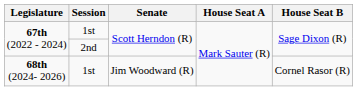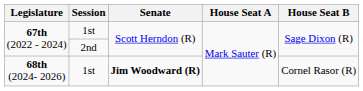 <table class=wikitable style="text-align:center">
 <tr>
 <th>Legislature</th>
 <th>Session</th>
 <th>Senate</th>
 <th>House Seat A</th>
 <th>House Seat B</th>
 </tr>
 <tr>
 <td rowspan="2"><strong>67th</strong> <br> (2022 - 2024)</td>
 <td>1st</td>
 <td rowspan="2" ><a href='#'>Scott Herndon</a> (R)</td>
 <td rowspan="3" ><a href='#'>Mark Sauter</a> (R)</td>
 <td rowspan="2" ><a href='#'>Sage Dixon</a> (R)</td>
 </tr>
 <tr>
 <td>2nd</td>
 </tr>
 <tr>
 <td rowspan="2"><strong>68th</strong> <br> (2024- 2026)</td>
 <td>1st</td>
-<td rowspan="1" >Jim Woodward (R)</td>
+<td rowspan="1" ><strong>Jim Woodward (R)</strong></td>
 <td rowspan="2" >Cornel Rasor (R)</td>
 </tr>
 </table>
